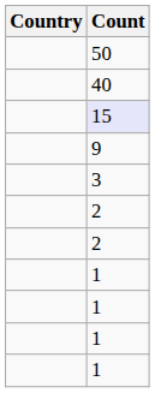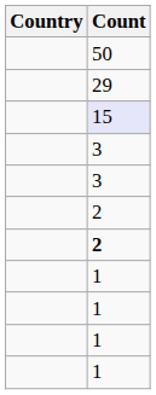 <table class="wikitable sortable">
 <tr>
 <th>Country</th>
 <th>Count</th>
 </tr>
 <tr>
 <td></td>
 <td>50</td>
 </tr>
 <tr>
 <td></td>
-<td>40</td>
+<td>29</td>
 </tr>
 <tr>
 <td></td>
 <td style="background: lavender;">15</td>
 </tr>
 <tr>
 <td></td>
-<td>9</td>
+<td>3</td>
 </tr>
 <tr>
 <td></td>
 <td>3</td>
 </tr>
 <tr>
 <td></td>
 <td>2</td>
 </tr>
 <tr>
 <td></td>
-<td>2</td>
+<td><strong>2</strong></td>
 </tr>
 <tr>
 <td></td>
 <td>1</td>
 </tr>
 <tr>
 <td></td>
 <td>1</td>
 </tr>
 <tr>
 <td></td>
 <td>1</td>
 </tr>
 <tr>
 <td></td>
 <td>1</td>
 </tr>
 </table>
